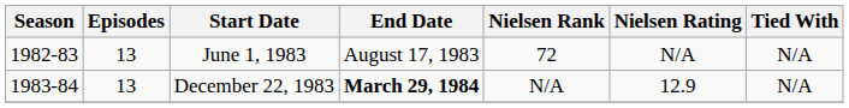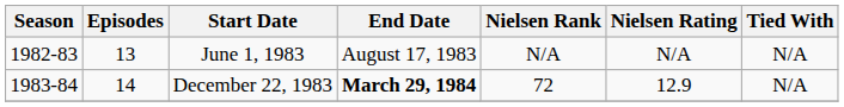 <table class="wikitable" style="text-align: center">
 <tr>
 <th>Season</th>
 <th>Episodes</th>
 <th>Start Date</th>
 <th>End Date</th>
 <th>Nielsen Rank</th>
 <th>Nielsen Rating</th>
 <th>Tied With</th>
 </tr>
 <tr>
 <td style="text-align:center">1982-83</td>
 <td style="text-align:center">13</td>
 <td style="text-align:center">June 1, 1983</td>
 <td style="text-align:center">August 17, 1983</td>
-<td style="text-align:center:">72</td>
+<td style="text-align:center:">N/A</td>
 <td style="text-align:center">N/A</td>
 <td style="text-align:center">N/A</td>
 </tr>
 <tr>
 <td style="text-align:center">1983-84</td>
-<td style="text-align:center">13</td>
+<td style="text-align:center">14</td>
 <td style="text-align:center">December 22, 1983</td>
 <td style="text-align:center"><strong>March 29, 1984</strong></td>
-<td style="text-align:center:">N/A</td>
+<td style="text-align:center:">72</td>
 <td style="text-align:center">12.9</td>
 <td style="text-align:center">N/A</td>
 </tr>
 <tr>
 </tr>
 </table>
